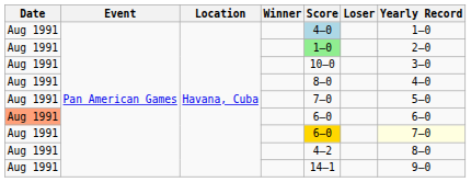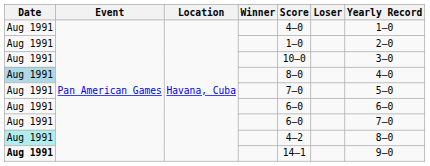 <table class="wikitable">
 <tr>
 <th>Date</th>
 <th>Event</th>
 <th>Location</th>
 <th>Winner</th>
 <th>Score</th>
 <th>Loser</th>
 <th>Yearly Record</th>
 </tr>
 <tr align=center>
 <td>Aug 1991</td>
 <td rowspan=9><a href='#'>Pan American Games</a></td>
 <td rowspan=9><a href='#'>Havana, Cuba</a></td>
 <td></td>
-<td style="background: lightblue;">4–0</td>
+<td>4–0</td>
 <td></td>
 <td>1–0</td>
 </tr>
 <tr align=center>
 <td>Aug 1991</td>
 <td></td>
-<td style="background: lightgreen;">1–0</td>
+<td>1–0</td>
 <td></td>
 <td>2–0</td>
 </tr>
 <tr align=center>
 <td>Aug 1991</td>
 <td></td>
 <td>10–0</td>
 <td></td>
 <td>3–0</td>
 </tr>
 <tr align=center>
-<td>Aug 1991</td>
+<td style="background: lightblue;">Aug 1991</td>
 <td></td>
 <td>8–0</td>
 <td></td>
 <td>4–0</td>
 </tr>
 <tr align=center>
 <td>Aug 1991</td>
 <td></td>
 <td>7–0</td>
 <td></td>
 <td>5–0</td>
 </tr>
 <tr align=center>
-<td style="background: lightsalmon;">Aug 1991</td>
+<td>Aug 1991</td>
 <td></td>
 <td>6–0</td>
 <td></td>
 <td>6–0</td>
 </tr>
 <tr align=center>
 <td>Aug 1991</td>
 <td></td>
-<td style="background: gold;">6–0</td>
+<td>6–0</td>
 <td></td>
-<td style="background: lightyellow;">7–0</td>
+<td>7–0</td>
 </tr>
 <tr align=center>
-<td>Aug 1991</td>
+<td style="background: paleturquoise;">Aug 1991</td>
 <td></td>
 <td>4–2</td>
 <td></td>
 <td>8–0</td>
 </tr>
 <tr align=center>
-<td>Aug 1991</td>
+<td><strong>Aug 1991</strong></td>
 <td></td>
 <td>14–1</td>
 <td></td>
 <td>9–0</td>
 </tr>
 </table>
